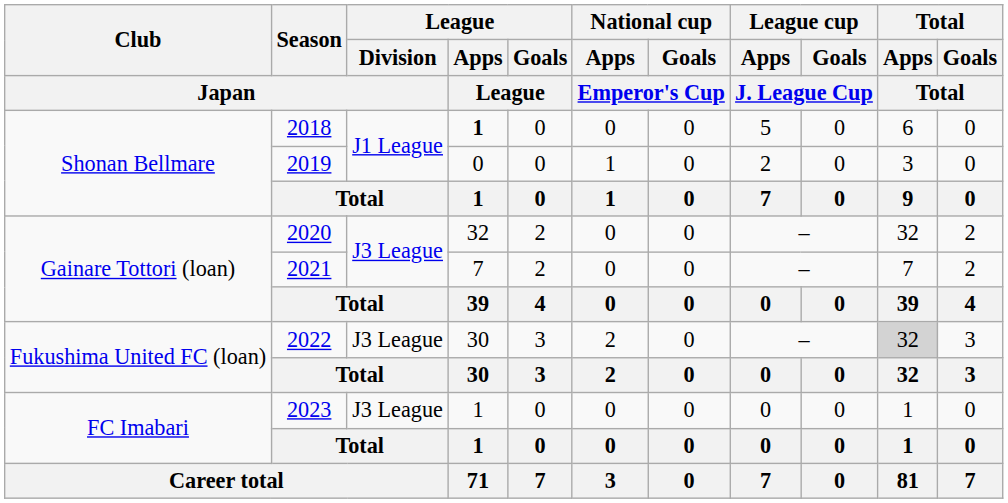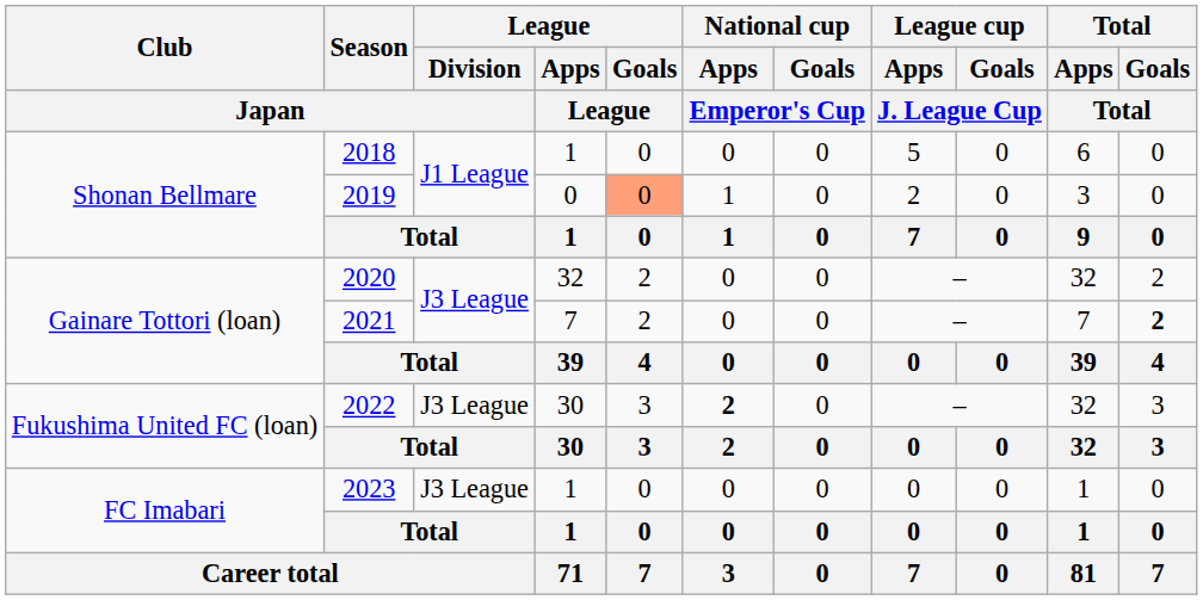 <table class="wikitable" style="text-align:center">
 <tr>
 <th rowspan=2>Club</th>
 <th rowspan=2>Season</th>
 <th colspan=3>League</th>
 <th colspan=2>National cup</th>
 <th colspan=2>League cup</th>
 <th colspan=2>Total</th>
 </tr>
 <tr>
 <th>Division</th>
 <th>Apps</th>
 <th>Goals</th>
 <th>Apps</th>
 <th>Goals</th>
 <th>Apps</th>
 <th>Goals</th>
 <th>Apps</th>
 <th>Goals</th>
 </tr>
 <tr>
 <th colspan=3>Japan</th>
 <th colspan=2>League</th>
 <th colspan=2><a href='#'>Emperor's Cup</a></th>
 <th colspan=2><a href='#'>J. League Cup</a></th>
 <th colspan=2>Total</th>
 </tr>
 <tr>
 <td rowspan="3"><a href='#'>Shonan Bellmare</a></td>
 <td><a href='#'>2018</a></td>
 <td rowspan="2"><a href='#'>J1 League</a></td>
-<td><strong>1</strong></td>
+<td>1</td>
 <td>0</td>
 <td>0</td>
 <td>0</td>
 <td>5</td>
 <td>0</td>
 <td>6</td>
 <td>0</td>
 </tr>
 <tr>
 <td><a href='#'>2019</a></td>
 <td>0</td>
-<td>0</td>
+<td style="background: lightsalmon;">0</td>
 <td>1</td>
 <td>0</td>
 <td>2</td>
 <td>0</td>
 <td>3</td>
 <td>0</td>
 </tr>
 <tr>
 <th colspan="2">Total</th>
 <th>1</th>
 <th>0</th>
 <th>1</th>
 <th>0</th>
 <th>7</th>
 <th>0</th>
 <th>9</th>
 <th>0</th>
 </tr>
 <tr>
 <td rowspan="3"><a href='#'>Gainare Tottori</a> (loan)</td>
 <td><a href='#'>2020</a></td>
 <td rowspan="2"><a href='#'>J3 League</a></td>
 <td>32</td>
 <td>2</td>
 <td>0</td>
 <td>0</td>
 <td colspan="2">–</td>
 <td>32</td>
 <td>2</td>
 </tr>
 <tr>
 <td><a href='#'>2021</a></td>
 <td>7</td>
 <td>2</td>
 <td>0</td>
 <td>0</td>
 <td colspan="2">–</td>
 <td>7</td>
-<td>2</td>
+<td><strong>2</strong></td>
 </tr>
 <tr>
 <th colspan="2">Total</th>
 <th>39</th>
 <th>4</th>
 <th>0</th>
 <th>0</th>
 <th>0</th>
 <th>0</th>
 <th>39</th>
 <th>4</th>
 </tr>
 <tr>
 <td rowspan="2"><a href='#'>Fukushima United FC</a> (loan)</td>
 <td><a href='#'>2022</a></td>
 <td>J3 League</td>
 <td>30</td>
 <td>3</td>
-<td>2</td>
+<td><strong>2</strong></td>
 <td>0</td>
 <td colspan="2">–</td>
-<td style="background: lightgrey;">32</td>
+<td>32</td>
 <td>3</td>
 </tr>
 <tr>
 <th colspan="2">Total</th>
 <th>30</th>
 <th>3</th>
 <th>2</th>
 <th>0</th>
 <th>0</th>
 <th>0</th>
 <th>32</th>
 <th>3</th>
 </tr>
 <tr>
 <td rowspan="2"><a href='#'>FC Imabari</a></td>
 <td><a href='#'>2023</a></td>
 <td>J3 League</td>
 <td>1</td>
 <td>0</td>
 <td>0</td>
 <td>0</td>
 <td>0</td>
 <td>0</td>
 <td>1</td>
 <td>0</td>
 </tr>
 <tr>
 <th colspan="2">Total</th>
 <th>1</th>
 <th>0</th>
 <th>0</th>
 <th>0</th>
 <th>0</th>
 <th>0</th>
 <th>1</th>
 <th>0</th>
 </tr>
 <tr>
 <th colspan=3>Career total</th>
 <th>71</th>
 <th>7</th>
 <th>3</th>
 <th>0</th>
 <th>7</th>
 <th>0</th>
 <th>81</th>
 <th>7</th>
 </tr>
 </table>
